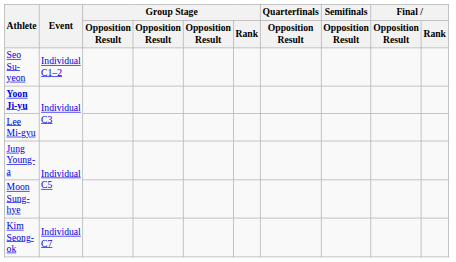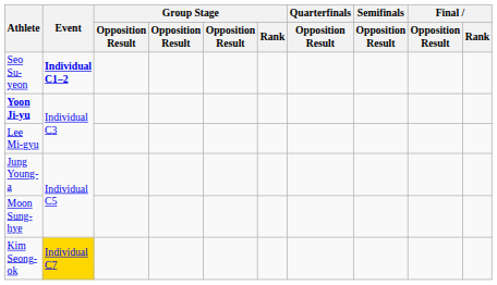 <table class=wikitable style="font-size:90%">
 <tr align=center>
 <th rowspan="2">Athlete</th>
 <th rowspan="2">Event</th>
 <th colspan="4">Group Stage</th>
 <th>Quarterfinals</th>
 <th>Semifinals</th>
 <th colspan="2">Final / </th>
 </tr>
 <tr>
 <th>Opposition<br>Result</th>
 <th>Opposition<br>Result</th>
 <th>Opposition<br>Result</th>
 <th>Rank</th>
 <th>Opposition<br>Result</th>
 <th>Opposition<br>Result</th>
 <th>Opposition<br>Result</th>
 <th>Rank</th>
 </tr>
 <tr align=center>
 <td align=left><a href='#'>Seo Su-yeon</a></td>
-<td align=left><a href='#'>Individual C1–2</a></td>
+<td align=left><strong><a href='#'>Individual C1–2</a></strong></td>
 <td></td>
 <td></td>
 <td></td>
 <td></td>
 <td></td>
 <td></td>
 <td></td>
 <td></td>
 </tr>
 <tr align=center>
 <td align=left><strong><a href='#'>Yoon Ji-yu</a></strong></td>
 <td align=left rowspan=2><a href='#'>Individual C3</a></td>
 <td></td>
 <td></td>
 <td></td>
 <td></td>
 <td></td>
 <td></td>
 <td></td>
 <td></td>
 </tr>
 <tr align=center>
 <td align=left><a href='#'>Lee Mi-gyu</a></td>
 <td></td>
 <td></td>
 <td></td>
 <td></td>
 <td></td>
 <td></td>
 <td></td>
 <td></td>
 </tr>
 <tr align=center>
 <td align=left><a href='#'>Jung Young-a</a></td>
 <td align=left rowspan=2><a href='#'>Individual C5</a></td>
 <td></td>
 <td></td>
 <td></td>
 <td></td>
 <td></td>
 <td></td>
 <td></td>
 <td></td>
 </tr>
 <tr align=center>
 <td align=left><a href='#'>Moon Sung-hye</a></td>
 <td></td>
 <td></td>
 <td></td>
 <td></td>
 <td></td>
 <td></td>
 <td></td>
 <td></td>
 </tr>
 <tr align=center>
 <td align=left><a href='#'>Kim Seong-ok</a></td>
-<td align=left><a href='#'>Individual C7</a></td>
+<td align=left style="background: gold;"><a href='#'>Individual C7</a></td>
 <td></td>
 <td></td>
 <td></td>
 <td></td>
 <td></td>
 <td></td>
 <td></td>
 <td></td>
 </tr>
 </table>
